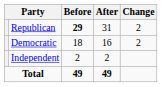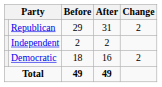 <table class="wikitable" style="text-align:center;">
 <tr>
 <th colspan="2">Party</th>
 <th>Before</th>
 <th>After</th>
 <th>Change</th>
 </tr>
 <tr>
 <th style="background-color:"></th>
 <td style="text-align:left;"><a href='#'>Republican</a></td>
-<td><strong>29</strong></td>
+<td>29</td>
 <td>31</td>
-<td> 2</td>
-</tr>
-<tr>
-<th style="background-color:"></th>
-<td style="text-align:left;"><a href='#'>Democratic</a></td>
-<td>18</td>
-<td>16</td>
 <td> 2</td>
 </tr>
 <tr>
 <th style="background-color:"></th>
 <td style="text-align:left;"><a href='#'>Independent</a></td>
 <td>2</td>
 <td>2</td>
 <td></td>
 </tr>
 <tr>
+<th style="background-color:"></th>
+<td style="text-align:left;"><a href='#'>Democratic</a></td>
+<td>18</td>
+<td>16</td>
+<td> 2</td>
+</tr>
+<tr>
 <td colspan="2"><strong>Total</strong></td>
 <td><strong>49</strong></td>
 <td><strong>49</strong></td>
 <td></td>
 </tr>
 </table>
